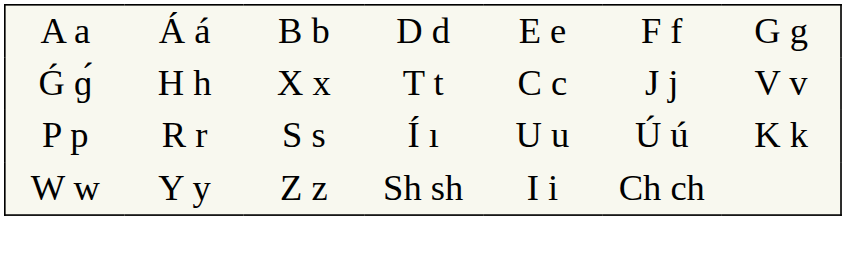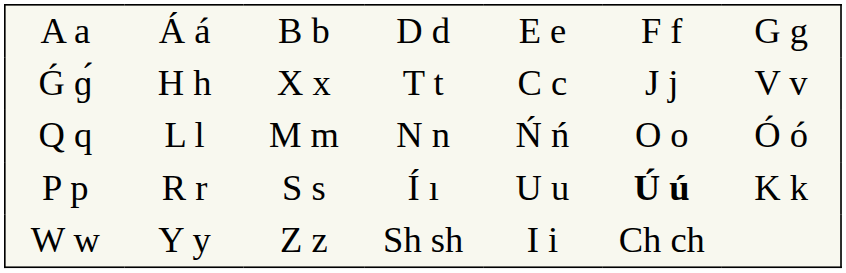 <table style="font-family:Arial Unicode MS; font-size:1.4em; border-color:#000000; border-width:1px; border-style:solid; border-collapse:collapse; background-color:#F8F8EF;">
 <tr>
 <td style="width:3em; text-align:center; padding: 3px;">A a</td>
 <td style="width:3em; text-align:center; padding: 3px;">Á á</td>
 <td style="width:3em; text-align:center; padding: 3px;">B b</td>
 <td style="width:3em; text-align:center; padding: 3px;">D d</td>
 <td style="width:3em; text-align:center; padding: 3px;">E e</td>
 <td style="width:3em; text-align:center; padding: 3px;">F f</td>
 <td style="width:3em; text-align:center; padding: 3px;">G g</td>
 </tr>
 <tr>
 <td style="width:3em; text-align:center; padding: 3px;">Ǵ ɡ́</td>
 <td style="width:3em; text-align:center; padding: 3px;">H h</td>
 <td style="width:3em; text-align:center; padding: 3px;">X x</td>
 <td style="width:3em; text-align:center; padding: 3px;">T t</td>
 <td style="width:3em; text-align:center; padding: 3px;">C c</td>
 <td style="width:3em; text-align:center; padding: 3px;">J j</td>
 <td style="width:3em; text-align:center; padding: 3px;">V v</td>
 </tr>
 <tr>
+<td style="width:3em; text-align:center; padding: 3px;">Q q</td>
+<td style="width:3em; text-align:center; padding: 3px;">L l</td>
+<td style="width:3em; text-align:center; padding: 3px;">M m</td>
+<td style="width:3em; text-align:center; padding: 3px;">N n</td>
+<td style="width:3em; text-align:center; padding: 3px;">Ń ń</td>
+<td style="width:3em; text-align:center; padding: 3px;">O o</td>
+<td style="width:3em; text-align:center; padding: 3px;">Ó ó</td>
+</tr>
+<tr>
 <td style="width:3em; text-align:center; padding: 3px;">P p</td>
 <td style="width:3em; text-align:center; padding: 3px;">R r</td>
 <td style="width:3em; text-align:center; padding: 3px;">S s</td>
 <td style="width:3em; text-align:center; padding: 3px;">Í ı</td>
 <td style="width:3em; text-align:center; padding: 3px;">U u</td>
-<td style="width:3em; text-align:center; padding: 3px;">Ú ú</td>
+<td style="width:3em; text-align:center; padding: 3px;"><strong>Ú ú</strong></td>
 <td style="width:3em; text-align:center; padding: 3px;">K k</td>
 </tr>
 <tr>
 <td style="width:3em; text-align:center; padding: 3px;">W w</td>
 <td style="width:3em; text-align:center; padding: 3px;">Y y</td>
 <td style="width:3em; text-align:center; padding: 3px;">Z z</td>
 <td style="width:3em; text-align:center; padding: 3px;">Sh sh</td>
 <td style="width:3em; text-align:center; padding: 3px;">I i</td>
 <td style="width:3em; text-align:center; padding: 3px;">Ch ch</td>
 </tr>
 </table>
